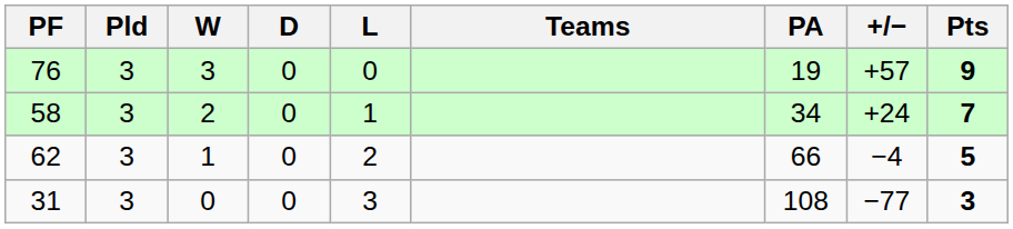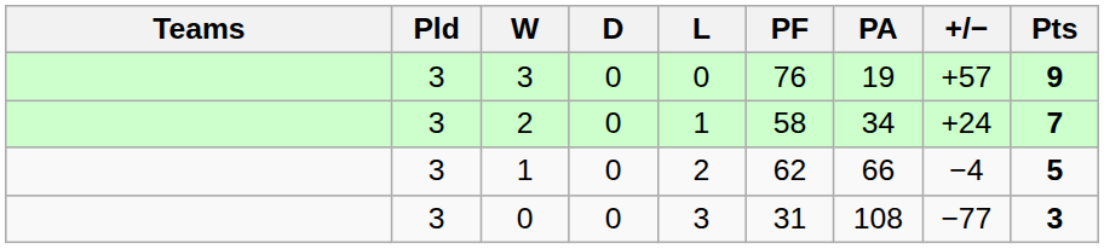 <table class="wikitable" style="text-align: center;">
 <tr>
-<th width="40">PF</th>
+<th style="width:200px;">Teams</th>
 <th width="40">Pld</th>
 <th width="40">W</th>
 <th width="40">D</th>
 <th width="40">L</th>
-<th style="width:200px;">Teams</th>
+<th width="40">PF</th>
 <th width="40">PA</th>
 <th width="40">+/−</th>
 <th width="40">Pts</th>
 </tr>
 <tr style="background:#cfc;">
-<td>76</td>
+<td align=left></td>
 <td>3</td>
 <td>3</td>
 <td>0</td>
 <td>0</td>
-<td align=left></td>
+<td>76</td>
 <td>19</td>
 <td>+57</td>
 <td><strong>9</strong></td>
 </tr>
 <tr style="background:#cfc;">
-<td>58</td>
+<td align=left></td>
 <td>3</td>
 <td>2</td>
 <td>0</td>
 <td>1</td>
-<td align=left></td>
+<td>58</td>
 <td>34</td>
 <td>+24</td>
 <td><strong>7</strong></td>
 </tr>
 <tr>
-<td>62</td>
+<td align=left></td>
 <td>3</td>
 <td>1</td>
 <td>0</td>
 <td>2</td>
-<td align=left></td>
+<td>62</td>
 <td>66</td>
 <td>−4</td>
 <td><strong>5</strong></td>
 </tr>
 <tr>
-<td>31</td>
+<td align=left></td>
 <td>3</td>
 <td>0</td>
 <td>0</td>
 <td>3</td>
-<td align=left></td>
+<td>31</td>
 <td>108</td>
 <td>−77</td>
 <td><strong>3</strong></td>
 </tr>
 </table>
